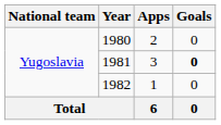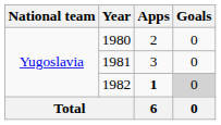 <table class="wikitable" style="text-align:center">
 <tr>
 <th>National team</th>
 <th>Year</th>
 <th>Apps</th>
 <th>Goals</th>
 </tr>
 <tr>
 <td rowspan="3"><a href='#'>Yugoslavia</a></td>
 <td>1980</td>
 <td>2</td>
 <td>0</td>
 </tr>
 <tr>
 <td>1981</td>
 <td>3</td>
-<td><strong>0</strong></td>
+<td>0</td>
 </tr>
 <tr>
 <td>1982</td>
-<td>1</td>
-<td>0</td>
+<td><strong>1</strong></td>
+<td style="background: lightgrey;">0</td>
 </tr>
 <tr>
 <th colspan="2">Total</th>
 <th>6</th>
 <th>0</th>
 </tr>
 </table>
